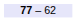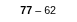 <table style="text-align:center">
 <tr>
 <th width=200></th>
 <th width=100></th>
 <th width=200></th>
 </tr>
 <tr>
 <td align=right></td>
-<td style="background: lavender;"><strong>77</strong> – 62</td>
+<td><strong>77</strong> – 62</td>
 <td align=left></td>
 </tr>
 </table>
